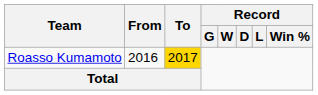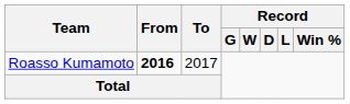 <table class="wikitable" style="text-align: center">
 <tr>
 <th rowspan="2">Team</th>
 <th rowspan="2">From</th>
 <th rowspan="2">To</th>
 <th colspan="5">Record</th>
 </tr>
 <tr>
 <th>G</th>
 <th>W</th>
 <th>D</th>
 <th>L</th>
 <th>Win %</th>
 </tr>
 <tr>
 <td align="left"><a href='#'>Roasso Kumamoto</a></td>
-<td align="left">2016</td>
-<td align="left" style="background: gold;">2017<br></td>
+<td align="left"><strong>2016</strong></td>
+<td align="left">2017<br></td>
 </tr>
 <tr>
 <th colspan="3">Total<br></th>
 </tr>
 </table>
